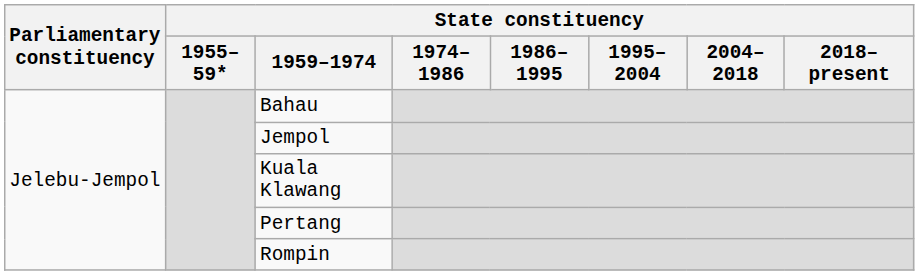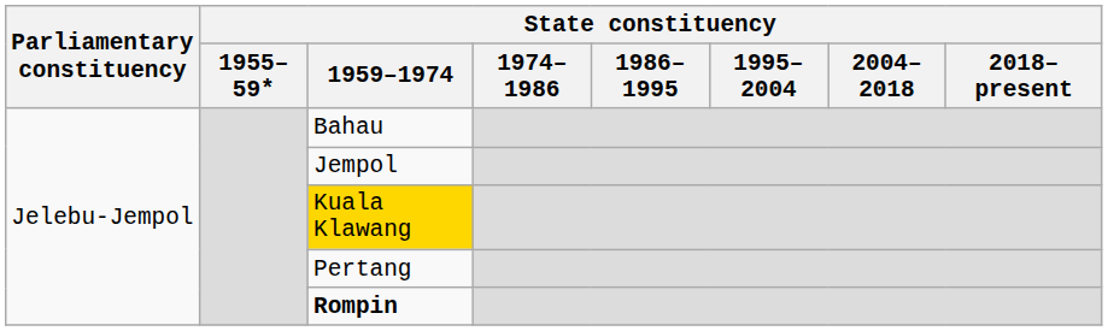 <table class="wikitable">
 <tr>
 <th rowspan="2">Parliamentary<br>constituency</th>
 <th colspan="7">State constituency</th>
 </tr>
 <tr>
 <th>1955–59*</th>
 <th>1959–1974</th>
 <th>1974–1986</th>
 <th>1986–1995</th>
 <th>1995–2004</th>
 <th>2004–2018</th>
 <th>2018–present</th>
 </tr>
 <tr>
 <td rowspan="5">Jelebu-Jempol</td>
 <td rowspan="5" bgcolor="dcdcdc"></td>
 <td>Bahau</td>
 <td colspan="5" bgcolor="dcdcdc"></td>
 </tr>
 <tr>
 <td>Jempol</td>
 <td colspan="5" bgcolor="dcdcdc"></td>
 </tr>
 <tr>
-<td>Kuala Klawang</td>
+<td style="background: gold;">Kuala Klawang</td>
 <td colspan="5" bgcolor="dcdcdc"></td>
 </tr>
 <tr>
 <td>Pertang</td>
 <td colspan="5" bgcolor="dcdcdc"></td>
 </tr>
 <tr>
-<td>Rompin</td>
+<td><strong>Rompin</strong></td>
 <td colspan="5" bgcolor="dcdcdc"></td>
 </tr>
 </table>
